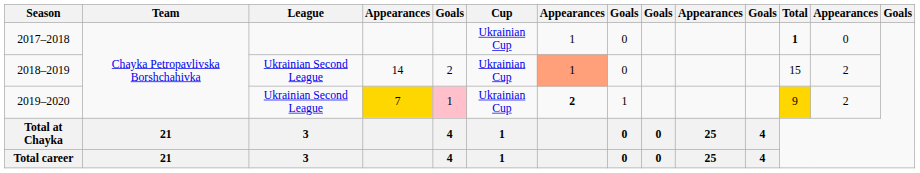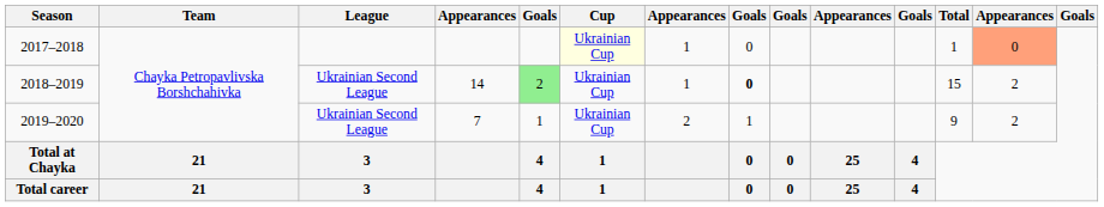 <table class="wikitable" style="text-align:center;">
 <tr>
 <th>Season</th>
 <th>Team</th>
 <th>League</th>
 <th>Appearances</th>
 <th>Goals</th>
 <th>Cup</th>
 <th>Appearances</th>
 <th>Goals</th>
 <th>Goals</th>
 <th>Appearances</th>
 <th>Goals</th>
 <th>Total</th>
 <th>Appearances</th>
 <th>Goals</th>
 </tr>
 <tr>
 <td>2017–2018</td>
 <td rowspan="3"><a href='#'>Chayka Petropavlivska Borshchahivka</a></td>
 <td></td>
 <td></td>
 <td></td>
-<td><a href='#'>Ukrainian Cup</a></td>
+<td style="background: lightyellow;"><a href='#'>Ukrainian Cup</a></td>
 <td>1</td>
 <td>0</td>
 <td></td>
 <td></td>
 <td></td>
-<td><strong>1</strong></td>
-<td>0</td>
+<td>1</td>
+<td style="background: lightsalmon;">0</td>
 </tr>
 <tr>
 <td>2018–2019</td>
 <td><a href='#'>Ukrainian Second League</a></td>
 <td>14</td>
-<td>2</td>
+<td style="background: lightgreen;">2</td>
 <td><a href='#'>Ukrainian Cup</a></td>
-<td style="background: lightsalmon;">1</td>
-<td>0</td>
+<td>1</td>
+<td><strong>0</strong></td>
 <td></td>
 <td></td>
 <td></td>
 <td>15</td>
 <td>2</td>
 </tr>
 <tr>
 <td>2019–2020</td>
 <td><a href='#'>Ukrainian Second League</a></td>
-<td style="background: gold;">7</td>
-<td style="background: pink;">1</td>
+<td>7</td>
+<td>1</td>
 <td><a href='#'>Ukrainian Cup</a></td>
-<td><strong>2</strong></td>
+<td>2</td>
 <td>1</td>
 <td></td>
 <td></td>
 <td></td>
-<td style="background: gold;">9</td>
+<td>9</td>
 <td>2</td>
 </tr>
 <tr>
 <th>Total at Chayka</th>
 <th>21</th>
 <th>3</th>
 <th></th>
 <th>4</th>
 <th>1</th>
 <th></th>
 <th>0</th>
 <th>0</th>
 <th>25</th>
 <th>4</th>
 </tr>
 <tr>
 <th>Total career</th>
 <th>21</th>
 <th>3</th>
 <th></th>
 <th>4</th>
 <th>1</th>
 <th></th>
 <th>0</th>
 <th>0</th>
 <th>25</th>
 <th>4</th>
 </tr>
 </table>
